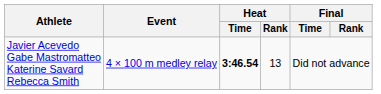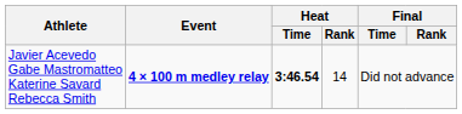 <table class=wikitable style=font-size:90%>
 <tr>
 <th rowspan=2>Athlete</th>
 <th rowspan=2>Event</th>
 <th colspan=2>Heat</th>
 <th colspan=2>Final</th>
 </tr>
 <tr style=font-size:95%>
 <th>Time</th>
 <th>Rank</th>
 <th>Time</th>
 <th>Rank</th>
 </tr>
 <tr align=center>
 <td align=left><a href='#'>Javier Acevedo</a><br><a href='#'>Gabe Mastromatteo</a><br><a href='#'>Katerine Savard</a><br><a href='#'>Rebecca Smith</a></td>
-<td align=left><a href='#'>4 × 100 m medley relay</a></td>
+<td align=left><strong><a href='#'>4 × 100 m medley relay</a></strong></td>
 <td><strong>3:46.54</strong></td>
-<td>13</td>
+<td>14</td>
 <td colspan="2">Did not advance</td>
 </tr>
 </table>
